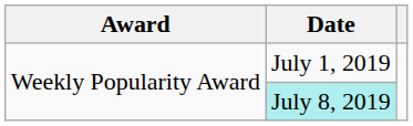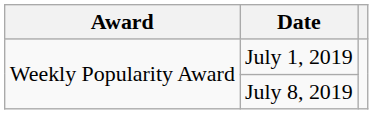 <table class="wikitable" style="text-align:center">
 <tr>
 <th>Award</th>
 <th>Date</th>
 <th></th>
 </tr>
 <tr>
 <td rowspan="2">Weekly Popularity Award</td>
 <td>July 1, 2019</td>
 <td rowspan="2"></td>
 </tr>
 <tr>
-<td style="background: paleturquoise;">July 8, 2019</td>
+<td>July 8, 2019</td>
 </tr>
 </table>
